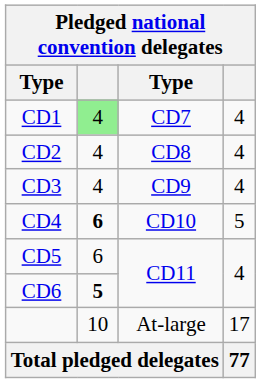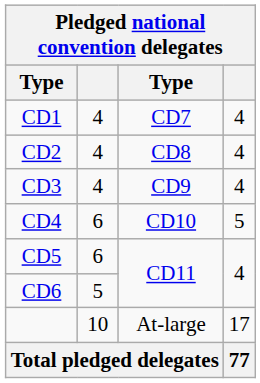 <table class="wikitable sortable" style="font-size:90%;text-align:center;float:right;padding:5px;">
 <tr>
 <th colspan="4">Pledged <a href='#'>national<br>convention</a> delegates</th>
 </tr>
 <tr>
 <th>Type</th>
 <th></th>
 <th>Type</th>
 <th></th>
 </tr>
 <tr>
 <td><a href='#'>CD1</a></td>
-<td style="background: lightgreen;">4</td>
+<td>4</td>
 <td><a href='#'>CD7</a></td>
 <td>4</td>
 </tr>
 <tr>
 <td><a href='#'>CD2</a></td>
 <td>4</td>
 <td><a href='#'>CD8</a></td>
 <td>4</td>
 </tr>
 <tr>
 <td><a href='#'>CD3</a></td>
 <td>4</td>
 <td><a href='#'>CD9</a></td>
 <td>4</td>
 </tr>
 <tr>
 <td><a href='#'>CD4</a></td>
-<td><strong>6</strong></td>
+<td>6</td>
 <td><a href='#'>CD10</a></td>
 <td>5</td>
 </tr>
 <tr>
 <td><a href='#'>CD5</a></td>
 <td>6</td>
 <td rowspan="2"><a href='#'>CD11</a></td>
 <td rowspan="2">4</td>
 </tr>
 <tr>
 <td><a href='#'>CD6</a></td>
-<td><strong>5</strong></td>
+<td>5</td>
 </tr>
 <tr>
 <td></td>
 <td>10</td>
 <td>At-large</td>
 <td>17</td>
 </tr>
 <tr>
 <th colspan="3">Total pledged delegates</th>
 <th>77</th>
 </tr>
 </table>
